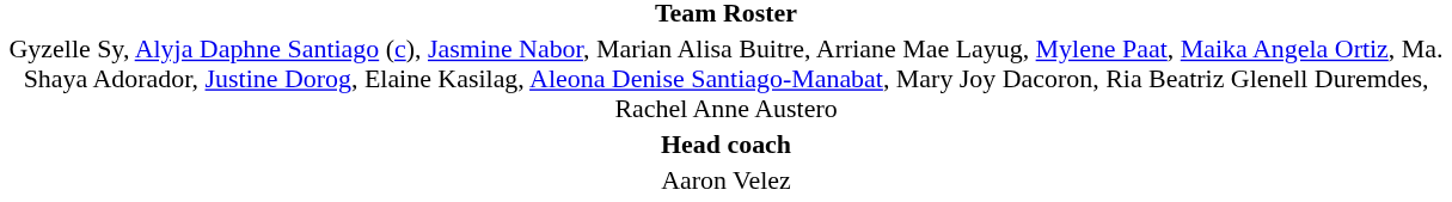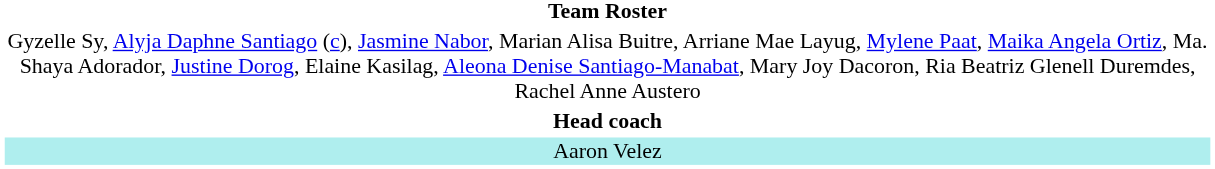 <table style="text-align:center; margin-top:2em; margin-left:auto; margin-right:auto">
 <tr>
 <td><strong>Team Roster</strong></td>
 </tr>
 <tr>
 <td>Gyzelle Sy, <a href='#'>Alyja Daphne Santiago</a> (<a href='#'>c</a>), <a href='#'>Jasmine Nabor</a>, Marian Alisa Buitre, Arriane Mae Layug, <a href='#'>Mylene Paat</a>, <a href='#'>Maika Angela Ortiz</a>, Ma. Shaya Adorador, <a href='#'>Justine Dorog</a>, Elaine Kasilag, <a href='#'>Aleona Denise Santiago-Manabat</a>, Mary Joy Dacoron, Ria Beatriz Glenell Duremdes, Rachel Anne Austero</td>
 </tr>
 <tr>
 <td><strong>Head coach</strong></td>
 </tr>
 <tr>
-<td>Aaron Velez</td>
+<td style="background: paleturquoise;">Aaron Velez</td>
 </tr>
 </table>
